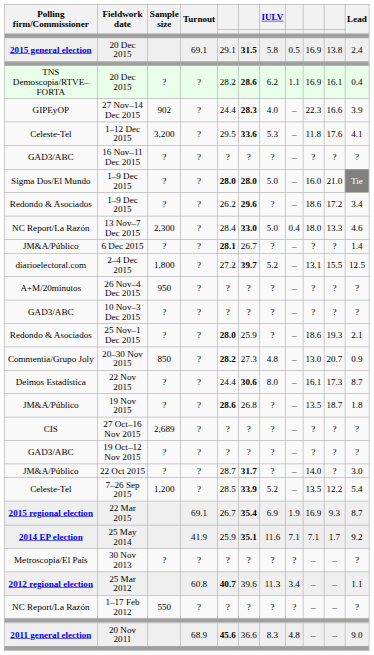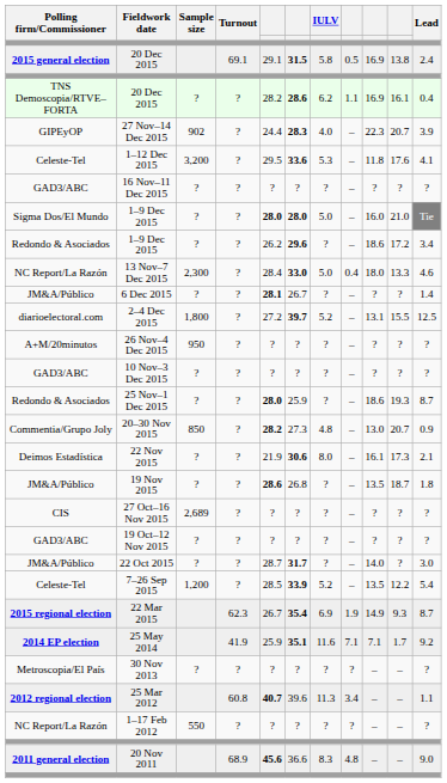 <table class="wikitable collapsible collapsed" style="text-align:center; font-size:95%; line-height:16px;">
 <tr style="height:42px; background-color:#E9E9E9">
 <th style="width:250px;" rowspan="2">Polling firm/Commissioner</th>
 <th style="width:125px;" rowspan="2">Fieldwork date</th>
 <th style="width:50px;" rowspan="2">Sample size</th>
 <th style="width:45px;" rowspan="2">Turnout</th>
 <th style="width:35px;"></th>
 <th style="width:35px;"></th>
 <th style="width:35px;"><a href='#'>IULV</a></th>
 <th style="width:35px;"></th>
 <th style="width:35px;"></th>
 <th style="width:35px;"></th>
 <th style="width:30px;" rowspan="2">Lead</th>
 </tr>
 <tr>
 <th style="color:inherit;background:"></th>
 <th style="color:inherit;background:"></th>
 <th style="color:inherit;background:"></th>
 <th style="color:inherit;background:"></th>
 <th style="color:inherit;background:"></th>
 <th style="color:inherit;background:"></th>
 </tr>
 <tr>
 <td colspan="11" style="background:#A0A0A0"></td>
 </tr>
 <tr style="background:#EFEFEF;">
 <td><strong><a href='#'>2015 general election</a></strong></td>
 <td>20 Dec 2015</td>
 <td></td>
 <td>69.1</td>
 <td>29.1<br></td>
 <td><strong>31.5</strong><br></td>
 <td>5.8<br></td>
 <td>0.5<br></td>
 <td>16.9<br></td>
 <td>13.8<br></td>
 <td style="background:">2.4</td>
 </tr>
 <tr>
 <td colspan="11" style="background:#A0A0A0"></td>
 </tr>
 <tr style="background:#EAFFEA;">
 <td>TNS Demoscopia/RTVE–FORTA</td>
 <td>20 Dec 2015</td>
 <td>?</td>
 <td>?</td>
 <td>28.2<br></td>
 <td><strong>28.6</strong><br></td>
 <td>6.2<br></td>
 <td>1.1<br></td>
 <td>16.9<br></td>
 <td>16.1<br></td>
 <td style="background:">0.4</td>
 </tr>
 <tr>
 <td>GIPEyOP</td>
 <td>27 Nov–14 Dec 2015</td>
 <td>902</td>
 <td>?</td>
 <td>24.4<br></td>
 <td><strong>28.3</strong><br></td>
 <td>4.0<br></td>
 <td>–</td>
 <td>22.3<br></td>
-<td>16.6<br></td>
+<td>20.7<br></td>
 <td style="background:">3.9</td>
 </tr>
 <tr>
 <td>Celeste-Tel</td>
 <td>1–12 Dec 2015</td>
 <td>3,200</td>
 <td>?</td>
 <td>29.5<br></td>
 <td><strong>33.6</strong><br></td>
 <td>5.3<br></td>
 <td>–</td>
 <td>11.8<br></td>
 <td>17.6<br></td>
 <td style="background:">4.1</td>
 </tr>
 <tr>
 <td>GAD3/ABC</td>
 <td>16 Nov–11 Dec 2015</td>
 <td>?</td>
 <td>?</td>
 <td>?<br></td>
 <td>?<br></td>
 <td>?<br></td>
 <td>–</td>
 <td>?<br></td>
 <td>?<br></td>
 <td style="background:">?</td>
 </tr>
 <tr>
 <td>Sigma Dos/El Mundo</td>
 <td>1–9 Dec 2015</td>
 <td>?</td>
 <td>?</td>
 <td><strong>28.0</strong><br></td>
 <td><strong>28.0</strong><br></td>
 <td>5.0<br></td>
 <td>–</td>
 <td>16.0<br></td>
 <td>21.0<br></td>
 <td style="background:gray;color:white;">Tie</td>
 </tr>
 <tr>
 <td>Redondo & Asociados</td>
 <td>1–9 Dec 2015</td>
 <td>?</td>
 <td>?</td>
 <td>26.2<br></td>
 <td><strong>29.6</strong><br></td>
 <td>?<br></td>
 <td>–</td>
 <td>18.6<br></td>
 <td>17.2<br></td>
 <td style="background:">3.4</td>
 </tr>
 <tr>
 <td>NC Report/La Razón</td>
 <td>13 Nov–7 Dec 2015</td>
 <td>2,300</td>
 <td>?</td>
 <td>28.4<br></td>
 <td><strong>33.0</strong><br></td>
 <td>5.0<br></td>
 <td>0.4<br></td>
 <td>18.0<br></td>
 <td>13.3<br></td>
 <td style="background:">4.6</td>
 </tr>
 <tr>
 <td>JM&A/Público</td>
 <td>6 Dec 2015</td>
 <td>?</td>
 <td>?</td>
 <td><strong>28.1</strong><br></td>
 <td>26.7<br></td>
 <td>?<br></td>
 <td>–</td>
 <td>?<br></td>
 <td>?<br></td>
 <td style="background:">1.4</td>
 </tr>
 <tr>
 <td>diarioelectoral.com</td>
 <td>2–4 Dec 2015</td>
 <td>1,800</td>
 <td>?</td>
 <td>27.2<br></td>
 <td><strong>39.7</strong><br></td>
 <td>5.2<br></td>
 <td>–</td>
 <td>13.1<br></td>
 <td>15.5<br></td>
 <td style="background:">12.5</td>
 </tr>
 <tr>
 <td>A+M/20minutos</td>
 <td>26 Nov–4 Dec 2015</td>
 <td>950</td>
 <td>?</td>
 <td>?<br></td>
 <td>?<br></td>
 <td>?<br></td>
 <td>–</td>
 <td>?<br></td>
 <td>?<br></td>
 <td style="background:">?</td>
 </tr>
 <tr>
 <td>GAD3/ABC</td>
 <td>10 Nov–3 Dec 2015</td>
 <td>?</td>
 <td>?</td>
 <td>?<br></td>
 <td>?<br></td>
 <td>?<br></td>
 <td>–</td>
 <td>?<br></td>
 <td>?<br></td>
 <td style="background:">?</td>
 </tr>
 <tr>
 <td>Redondo & Asociados</td>
 <td>25 Nov–1 Dec 2015</td>
 <td>?</td>
 <td>?</td>
 <td><strong>28.0</strong><br></td>
 <td>25.9<br></td>
 <td>?<br></td>
 <td>–</td>
 <td>18.6<br></td>
 <td>19.3<br></td>
-<td style="background:">2.1</td>
+<td style="background:">8.7</td>
 </tr>
 <tr>
 <td>Commentia/Grupo Joly</td>
 <td>20–30 Nov 2015</td>
 <td>850</td>
 <td>?</td>
 <td><strong>28.2</strong><br></td>
 <td>27.3<br></td>
 <td>4.8<br></td>
 <td>–</td>
 <td>13.0<br></td>
 <td>20.7<br></td>
 <td style="background:">0.9</td>
 </tr>
 <tr>
 <td>Deimos Estadística</td>
 <td>22 Nov 2015</td>
 <td>?</td>
 <td>?</td>
-<td>24.4<br></td>
+<td>21.9<br></td>
 <td><strong>30.6</strong><br></td>
 <td>8.0<br></td>
 <td>–</td>
 <td>16.1<br></td>
 <td>17.3<br></td>
-<td style="background:">8.7</td>
+<td style="background:">2.1</td>
 </tr>
 <tr>
 <td>JM&A/Público</td>
 <td>19 Nov 2015</td>
 <td>?</td>
 <td>?</td>
 <td><strong>28.6</strong><br></td>
 <td>26.8<br></td>
 <td>?<br></td>
 <td>–</td>
 <td>13.5<br></td>
 <td>18.7<br></td>
 <td style="background:">1.8</td>
 </tr>
 <tr>
 <td>CIS</td>
 <td>27 Oct–16 Nov 2015</td>
 <td>2,689</td>
 <td>?</td>
 <td>?<br></td>
 <td>?<br></td>
 <td>?<br></td>
 <td>–</td>
 <td>?<br></td>
 <td>?<br></td>
 <td style="background:">?</td>
 </tr>
 <tr>
 <td>GAD3/ABC</td>
 <td>19 Oct–12 Nov 2015</td>
 <td>?</td>
 <td>?</td>
 <td>?<br></td>
 <td>?<br></td>
 <td>?<br></td>
 <td>–</td>
 <td>?<br></td>
 <td>?<br></td>
 <td style="background:">?</td>
 </tr>
 <tr>
 <td>JM&A/Público</td>
 <td>22 Oct 2015</td>
 <td>?</td>
 <td>?</td>
 <td>28.7<br></td>
 <td><strong>31.7</strong><br></td>
 <td>?<br></td>
 <td>–</td>
 <td>14.0<br></td>
 <td>?<br></td>
 <td style="background:">3.0</td>
 </tr>
 <tr>
 <td>Celeste-Tel</td>
 <td>7–26 Sep 2015</td>
 <td>1,200</td>
 <td>?</td>
 <td>28.5<br></td>
 <td><strong>33.9</strong><br></td>
 <td>5.2<br></td>
 <td>–</td>
 <td>13.5<br></td>
 <td>12.2<br></td>
 <td style="background:">5.4</td>
 </tr>
 <tr style="background:#EFEFEF;">
 <td><strong><a href='#'>2015 regional election</a></strong></td>
 <td>22 Mar 2015</td>
 <td></td>
-<td>69.1</td>
+<td>62.3</td>
 <td>26.7<br></td>
 <td><strong>35.4</strong><br></td>
 <td>6.9<br></td>
 <td>1.9<br></td>
-<td>16.9<br></td>
+<td>14.9<br></td>
 <td>9.3<br></td>
 <td style="background:">8.7</td>
 </tr>
 <tr style="background:#EFEFEF;">
 <td><strong><a href='#'>2014 EP election</a></strong></td>
 <td>25 May 2014</td>
 <td></td>
 <td>41.9</td>
 <td>25.9<br></td>
 <td><strong>35.1</strong><br></td>
 <td>11.6<br></td>
 <td>7.1<br></td>
 <td>7.1<br></td>
 <td>1.7<br></td>
 <td style="background:">9.2</td>
 </tr>
 <tr>
 <td>Metroscopia/El País</td>
 <td>30 Nov 2013</td>
 <td>?</td>
 <td>?</td>
 <td>?<br></td>
 <td>?<br></td>
 <td>?<br></td>
 <td>?<br></td>
 <td>–</td>
 <td>–</td>
 <td style="background:">?</td>
 </tr>
 <tr style="background:#EFEFEF;">
 <td><strong><a href='#'>2012 regional election</a></strong></td>
 <td>25 Mar 2012</td>
 <td></td>
 <td>60.8</td>
 <td><strong>40.7</strong><br></td>
 <td>39.6<br></td>
 <td>11.3<br></td>
 <td>3.4<br></td>
 <td>–</td>
 <td>–</td>
 <td style="background:">1.1</td>
 </tr>
 <tr>
 <td>NC Report/La Razón</td>
 <td>1–17 Feb 2012</td>
 <td>550</td>
 <td>?</td>
 <td>?<br></td>
 <td>?<br></td>
 <td>?<br></td>
 <td>?<br></td>
 <td>–</td>
 <td>–</td>
 <td style="background:">?</td>
 </tr>
 <tr>
 <td colspan="11" style="background:#A0A0A0"></td>
 </tr>
 <tr style="background:#EFEFEF;">
 <td><strong><a href='#'>2011 general election</a></strong></td>
 <td>20 Nov 2011</td>
 <td></td>
 <td>68.9</td>
 <td><strong>45.6</strong><br></td>
 <td>36.6<br></td>
 <td>8.3<br></td>
 <td>4.8<br></td>
 <td>–</td>
 <td>–</td>
 <td style="background:">9.0</td>
 </tr>
 <tr>
 <td colspan="11" style="background:#A0A0A0"></td>
 </tr>
 </table>
